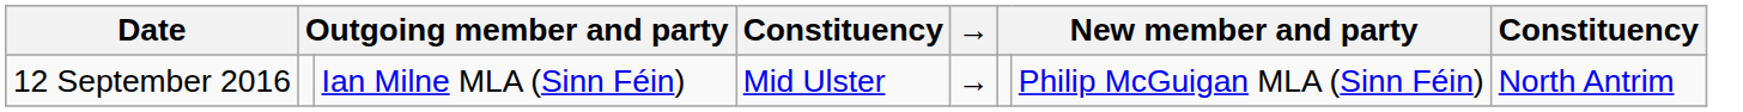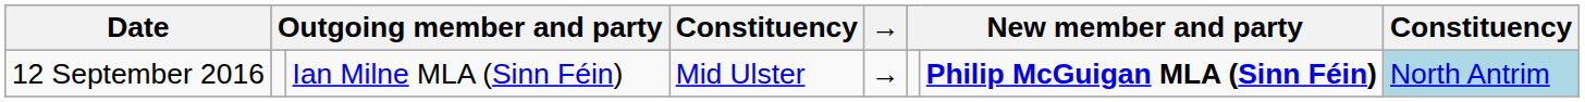 <table class="wikitable">
 <tr>
 <th valign="top">Date</th>
 <th colspan="2" valign="top">Outgoing member and party</th>
 <th valign="top">Constituency</th>
 <th>→</th>
 <th colspan="2" valign="top">New member and party</th>
 <th valign="top">Constituency</th>
 </tr>
 <tr>
 <td>12 September 2016</td>
 <td></td>
 <td><a href='#'>Ian Milne</a> MLA (<a href='#'>Sinn Féin</a>)</td>
 <td><a href='#'>Mid Ulster</a></td>
 <td>→</td>
 <td></td>
-<td><a href='#'>Philip McGuigan</a> MLA (<a href='#'>Sinn Féin</a>)</td>
-<td><a href='#'>North Antrim</a></td>
+<td><strong><a href='#'>Philip McGuigan</a> MLA (<a href='#'>Sinn Féin</a>)</strong></td>
+<td style="background: lightblue;"><a href='#'>North Antrim</a></td>
 </tr>
 </table>
